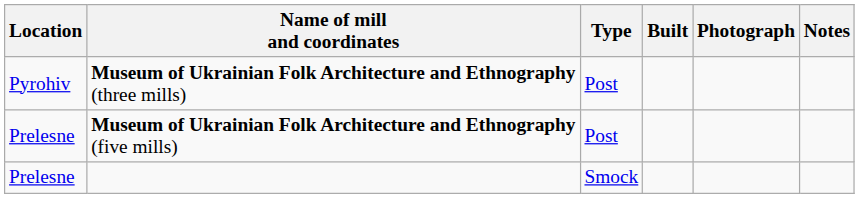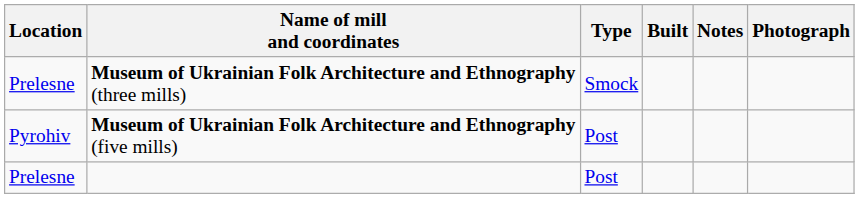 <table class="wikitable">
 <tr>
 <th>Location</th>
 <th>Name of mill<br>and coordinates</th>
 <th>Type</th>
 <th>Built</th>
+<th>Notes</th>
 <th>Photograph</th>
-<th>Notes</th>
 </tr>
 <tr>
-<td><a href='#'>Pyrohiv</a></td>
+<td><a href='#'>Prelesne</a></td>
 <td><strong>Museum of Ukrainian Folk Architecture and Ethnography</strong><br>(three mills)</td>
-<td><a href='#'>Post</a></td>
+<td><a href='#'>Smock</a></td>
 <td></td>
 <td></td>
 <td></td>
 </tr>
 <tr>
-<td><a href='#'>Prelesne</a></td>
+<td><a href='#'>Pyrohiv</a></td>
 <td><strong>Museum of Ukrainian Folk Architecture and Ethnography</strong><br>(five mills)</td>
 <td><a href='#'>Post</a></td>
 <td></td>
 <td></td>
 <td></td>
 </tr>
 <tr>
 <td><a href='#'>Prelesne</a></td>
 <td></td>
-<td><a href='#'>Smock</a></td>
+<td><a href='#'>Post</a></td>
 <td></td>
 <td></td>
 <td></td>
 </tr>
 </table>
